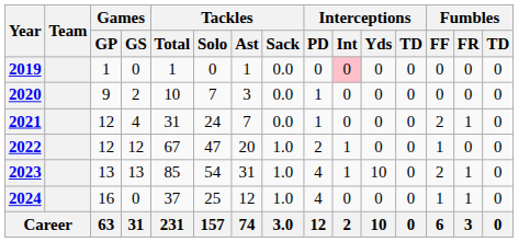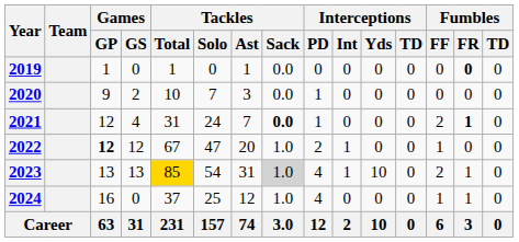 <table class="wikitable" style="text-align:center;">
 <tr>
 <th rowspan="2">Year</th>
 <th rowspan="2">Team</th>
 <th colspan="2">Games</th>
 <th colspan="4">Tackles</th>
 <th colspan="4">Interceptions</th>
 <th colspan="3">Fumbles</th>
 </tr>
 <tr>
 <th>GP</th>
 <th>GS</th>
 <th>Total</th>
 <th>Solo</th>
 <th>Ast</th>
 <th>Sack</th>
 <th>PD</th>
 <th>Int</th>
 <th>Yds</th>
 <th>TD</th>
 <th>FF</th>
 <th>FR</th>
 <th>TD</th>
 </tr>
 <tr>
 <th><a href='#'>2019</a></th>
 <th><a href='#'></a></th>
 <td>1</td>
 <td>0</td>
 <td>1</td>
 <td>0</td>
 <td>1</td>
 <td>0.0</td>
 <td>0</td>
-<td style="background: pink;">0</td>
 <td>0</td>
 <td>0</td>
 <td>0</td>
 <td>0</td>
+<td><strong>0</strong></td>
 <td>0</td>
 </tr>
 <tr>
 <th><a href='#'>2020</a></th>
 <th><a href='#'></a></th>
 <td>9</td>
 <td>2</td>
 <td>10</td>
 <td>7</td>
 <td>3</td>
 <td>0.0</td>
 <td>1</td>
 <td>0</td>
 <td>0</td>
 <td>0</td>
 <td>0</td>
 <td>0</td>
 <td>0</td>
 </tr>
 <tr>
 <th><a href='#'>2021</a></th>
 <th><a href='#'></a></th>
 <td>12</td>
 <td>4</td>
 <td>31</td>
 <td>24</td>
 <td>7</td>
-<td>0.0</td>
+<td><strong>0.0</strong></td>
 <td>1</td>
 <td>0</td>
 <td>0</td>
 <td>0</td>
 <td>2</td>
-<td>1</td>
+<td><strong>1</strong></td>
 <td>0</td>
 </tr>
 <tr>
 <th><a href='#'>2022</a></th>
 <th><a href='#'></a></th>
-<td>12</td>
+<td><strong>12</strong></td>
 <td>12</td>
 <td>67</td>
 <td>47</td>
 <td>20</td>
 <td>1.0</td>
 <td>2</td>
 <td>1</td>
 <td>0</td>
 <td>0</td>
 <td>1</td>
 <td>0</td>
 <td>0</td>
 </tr>
 <tr>
 <th><a href='#'>2023</a></th>
 <th><a href='#'></a></th>
 <td>13</td>
 <td>13</td>
-<td>85</td>
+<td style="background: gold;">85</td>
 <td>54</td>
 <td>31</td>
-<td>1.0</td>
+<td style="background: lightgrey;">1.0</td>
 <td>4</td>
 <td>1</td>
 <td>10</td>
 <td>0</td>
 <td>2</td>
 <td>1</td>
 <td>0</td>
 </tr>
 <tr>
 <th><a href='#'>2024</a></th>
 <th><a href='#'></a></th>
 <td>16</td>
 <td>0</td>
 <td>37</td>
 <td>25</td>
 <td>12</td>
 <td>1.0</td>
 <td>4</td>
 <td>0</td>
 <td>0</td>
 <td>0</td>
 <td>1</td>
 <td>1</td>
 <td>0</td>
 </tr>
 <tr>
 <th align=center colspan="2">Career</th>
 <th>63</th>
 <th>31</th>
 <th>231</th>
 <th>157</th>
 <th>74</th>
 <th>3.0</th>
 <th>12</th>
 <th>2</th>
 <th>10</th>
 <th>0</th>
 <th>6</th>
 <th>3</th>
 <th>0</th>
 </tr>
 </table>
